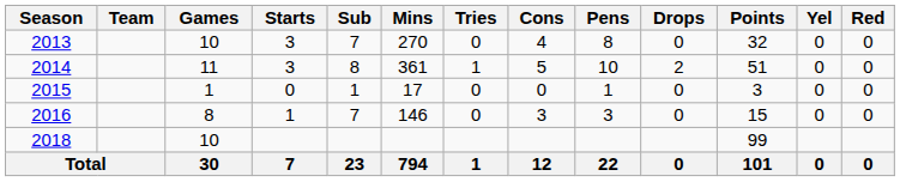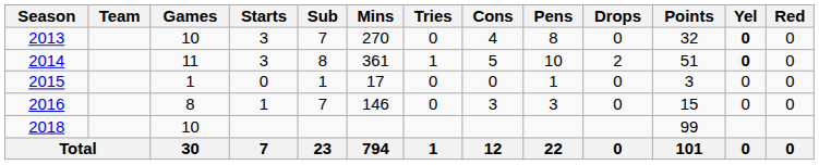 <table class="wikitable" style="text-align:center; line-height:90%; font-size:95%; width:60%;">
 <tr>
 <th>Season</th>
 <th>Team</th>
 <th>Games</th>
 <th>Starts</th>
 <th>Sub</th>
 <th>Mins</th>
 <th>Tries</th>
 <th>Cons</th>
 <th>Pens</th>
 <th>Drops</th>
 <th>Points</th>
 <th>Yel</th>
 <th>Red</th>
 </tr>
 <tr>
 <td><a href='#'>2013</a></td>
 <td></td>
 <td>10</td>
 <td>3</td>
 <td>7</td>
 <td>270</td>
 <td>0</td>
 <td>4</td>
 <td>8</td>
 <td>0</td>
 <td>32</td>
-<td>0</td>
+<td><strong>0</strong></td>
 <td>0</td>
 </tr>
 <tr>
 <td><a href='#'>2014</a></td>
 <td></td>
 <td>11</td>
 <td>3</td>
 <td>8</td>
 <td>361</td>
 <td>1</td>
 <td>5</td>
 <td>10</td>
 <td>2</td>
 <td>51</td>
-<td>0</td>
+<td><strong>0</strong></td>
 <td>0</td>
 </tr>
 <tr>
 <td><a href='#'>2015</a></td>
 <td></td>
 <td>1</td>
 <td>0</td>
 <td>1</td>
 <td>17</td>
 <td>0</td>
 <td>0</td>
 <td>1</td>
 <td>0</td>
 <td>3</td>
 <td>0</td>
 <td>0</td>
 </tr>
 <tr>
 <td><a href='#'>2016</a></td>
 <td></td>
 <td>8</td>
 <td>1</td>
 <td>7</td>
 <td>146</td>
 <td>0</td>
 <td>3</td>
 <td>3</td>
 <td>0</td>
 <td>15</td>
 <td>0</td>
 <td>0</td>
 </tr>
 <tr>
 <td><a href='#'>2018</a></td>
 <td></td>
 <td>10</td>
 <td></td>
 <td></td>
 <td></td>
 <td></td>
 <td></td>
 <td></td>
 <td></td>
 <td>99</td>
 <td></td>
 <td></td>
 </tr>
 <tr>
 <th colspan="2">Total</th>
 <th>30</th>
 <th>7</th>
 <th>23</th>
 <th>794</th>
 <th>1</th>
 <th>12</th>
 <th>22</th>
 <th>0</th>
 <th>101</th>
 <th>0</th>
 <th>0</th>
 </tr>
 </table>
